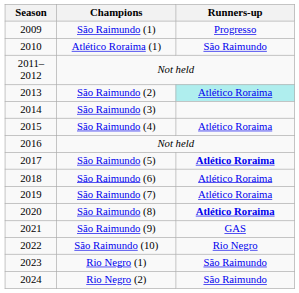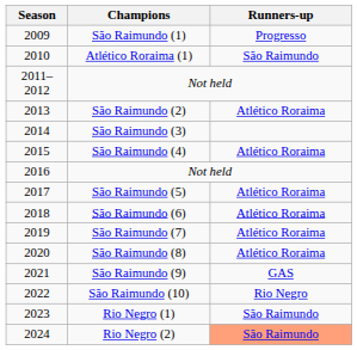 <table class="wikitable" style="text-align:center; margin-left:1em;">
 <tr>
 <th style="width:70px">Season</th>
 <th style="width:170px">Champions</th>
 <th style="width:170px">Runners-up</th>
 </tr>
 <tr>
 <td>2009</td>
 <td><a href='#'>São Raimundo</a> (1)</td>
 <td><a href='#'>Progresso</a></td>
 </tr>
 <tr>
 <td>2010</td>
 <td><a href='#'>Atlético Roraima</a> (1)</td>
 <td><a href='#'>São Raimundo</a></td>
 </tr>
 <tr>
 <td>2011–2012</td>
 <td colspan=2 align=center><em>Not held</em></td>
 </tr>
 <tr>
 <td>2013</td>
 <td><a href='#'>São Raimundo</a> (2)</td>
-<td style="background: paleturquoise;"><a href='#'>Atlético Roraima</a></td>
+<td><a href='#'>Atlético Roraima</a></td>
 </tr>
 <tr>
 <td>2014</td>
 <td><a href='#'>São Raimundo</a> (3)</td>
 <td></td>
 </tr>
 <tr>
 <td>2015</td>
 <td><a href='#'>São Raimundo</a> (4)</td>
 <td><a href='#'>Atlético Roraima</a></td>
 </tr>
 <tr>
 <td>2016</td>
 <td colspan=2 align=center><em>Not held</em></td>
 </tr>
 <tr>
 <td>2017</td>
 <td><a href='#'>São Raimundo</a> (5)</td>
-<td><strong><a href='#'>Atlético Roraima</a></strong></td>
+<td><a href='#'>Atlético Roraima</a></td>
 </tr>
 <tr>
 <td>2018</td>
 <td><a href='#'>São Raimundo</a> (6)</td>
 <td><a href='#'>Atlético Roraima</a></td>
 </tr>
 <tr>
 <td>2019</td>
 <td><a href='#'>São Raimundo</a> (7)</td>
 <td><a href='#'>Atlético Roraima</a></td>
 </tr>
 <tr>
 <td>2020</td>
 <td><a href='#'>São Raimundo</a> (8)</td>
-<td><strong><a href='#'>Atlético Roraima</a></strong></td>
+<td><a href='#'>Atlético Roraima</a></td>
 </tr>
 <tr>
 <td>2021</td>
 <td><a href='#'>São Raimundo</a> (9)</td>
 <td><a href='#'>GAS</a></td>
 </tr>
 <tr>
 <td>2022</td>
 <td><a href='#'>São Raimundo</a> (10)</td>
 <td><a href='#'>Rio Negro</a></td>
 </tr>
 <tr>
 <td>2023</td>
 <td><a href='#'>Rio Negro</a> (1)</td>
 <td><a href='#'>São Raimundo</a></td>
 </tr>
 <tr>
 <td>2024</td>
 <td><a href='#'>Rio Negro</a> (2)</td>
-<td><a href='#'>São Raimundo</a></td>
+<td style="background: lightsalmon;"><a href='#'>São Raimundo</a></td>
 </tr>
 </table>
